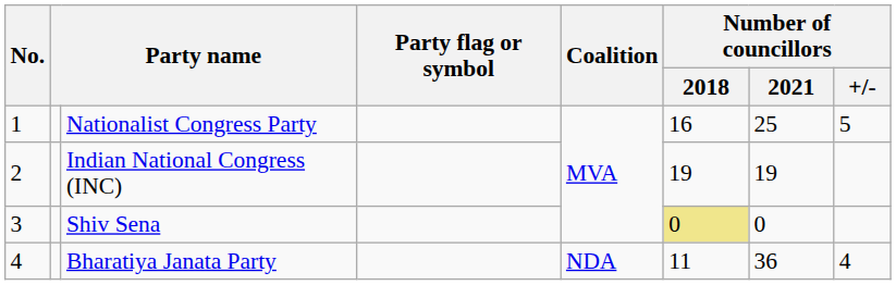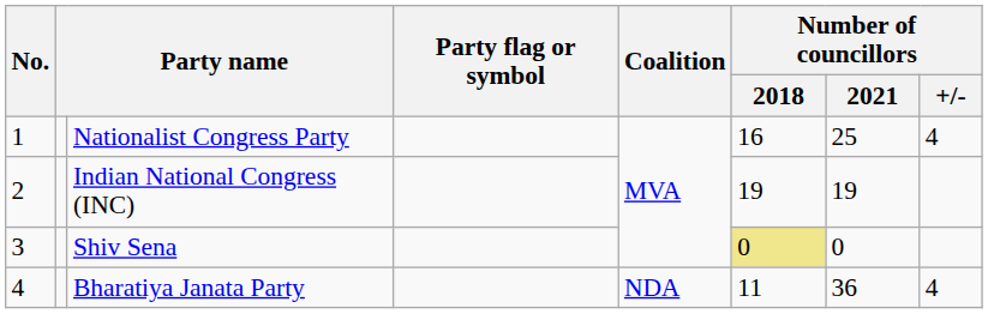 <table class="sortable wikitable">
 <tr>
 <th rowspan="2">No.</th>
 <th colspan="2" rowspan="2">Party name</th>
 <th rowspan="2">Party flag or symbol</th>
 <th rowspan="2">Coalition</th>
 <th colspan="3">Number of councillors</th>
 </tr>
 <tr>
 <th>2018</th>
 <th>2021</th>
 <th>+/-</th>
 </tr>
 <tr>
 <td>1</td>
 <td style="background-color: "></td>
 <td><a href='#'>Nationalist Congress Party</a></td>
 <td></td>
 <td rowspan="3"><a href='#'>MVA</a></td>
 <td>16</td>
 <td>25</td>
-<td> 5</td>
+<td> 4</td>
 </tr>
 <tr>
 <td>2</td>
 <td style="background-color: "></td>
 <td><a href='#'>Indian National Congress</a> (INC)</td>
 <td></td>
 <td>19</td>
 <td>19</td>
 <td></td>
 </tr>
 <tr>
 <td>3</td>
 <td style="background-color: "></td>
 <td><a href='#'>Shiv Sena</a></td>
 <td></td>
 <td style="background: khaki;">0</td>
 <td>0</td>
 <td></td>
 </tr>
 <tr>
 <td>4</td>
 <td style="background-color: "></td>
 <td><a href='#'>Bharatiya Janata Party</a></td>
 <td></td>
 <td rowspan="1"><a href='#'>NDA</a></td>
 <td>11</td>
 <td>36</td>
 <td> 4</td>
 </tr>
 </table>
